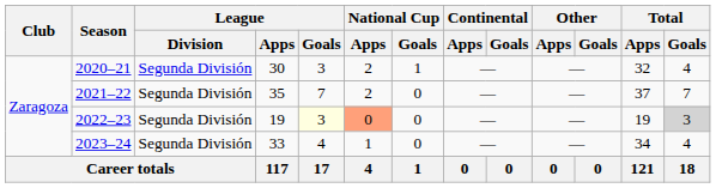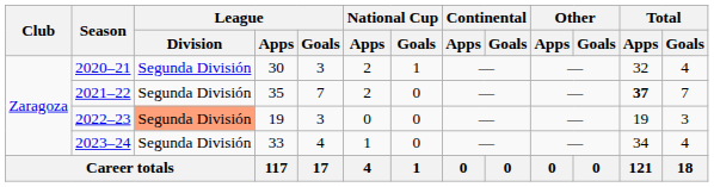 <table class="wikitable" style="text-align:center">
 <tr>
 <th rowspan="2">Club</th>
 <th rowspan="2">Season</th>
 <th colspan="3">League</th>
 <th colspan="2">National Cup</th>
 <th colspan="2">Continental</th>
 <th colspan="2">Other</th>
 <th colspan="2">Total</th>
 </tr>
 <tr>
 <th>Division</th>
 <th>Apps</th>
 <th>Goals</th>
 <th>Apps</th>
 <th>Goals</th>
 <th>Apps</th>
 <th>Goals</th>
 <th>Apps</th>
 <th>Goals</th>
 <th>Apps</th>
 <th>Goals</th>
 </tr>
 <tr>
 <td rowspan="4"><a href='#'>Zaragoza</a></td>
 <td><a href='#'>2020–21</a></td>
 <td><a href='#'>Segunda División</a></td>
 <td>30</td>
 <td>3</td>
 <td>2</td>
 <td>1</td>
 <td colspan="2">—</td>
 <td colspan="2">—</td>
 <td>32</td>
 <td>4</td>
 </tr>
 <tr>
 <td><a href='#'>2021–22</a></td>
 <td>Segunda División</td>
 <td>35</td>
 <td>7</td>
 <td>2</td>
 <td>0</td>
 <td colspan="2">—</td>
 <td colspan="2">—</td>
-<td>37</td>
+<td><strong>37</strong></td>
 <td>7</td>
 </tr>
 <tr>
 <td><a href='#'>2022–23</a></td>
-<td>Segunda División</td>
+<td style="background: lightsalmon;">Segunda División</td>
 <td>19</td>
-<td style="background: lightyellow;">3</td>
-<td style="background: lightsalmon;">0</td>
+<td>3</td>
+<td>0</td>
 <td>0</td>
 <td colspan="2">—</td>
 <td colspan="2">—</td>
 <td>19</td>
-<td style="background: lightgrey;">3</td>
+<td>3</td>
 </tr>
 <tr>
 <td><a href='#'>2023–24</a></td>
 <td>Segunda División</td>
 <td>33</td>
 <td>4</td>
 <td>1</td>
 <td>0</td>
 <td colspan="2">—</td>
 <td colspan="2">—</td>
 <td>34</td>
 <td>4</td>
 </tr>
 <tr>
 <th colspan="3">Career totals</th>
 <th>117</th>
 <th>17</th>
 <th>4</th>
 <th>1</th>
 <th>0</th>
 <th>0</th>
 <th>0</th>
 <th>0</th>
 <th>121</th>
 <th>18</th>
 </tr>
 </table>
